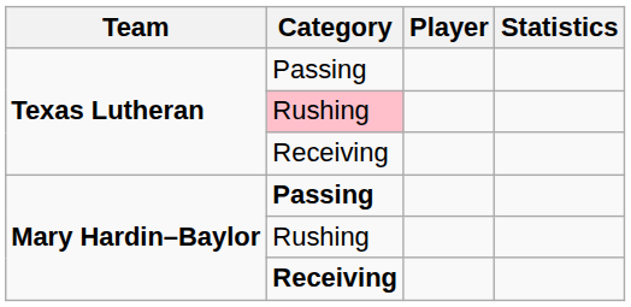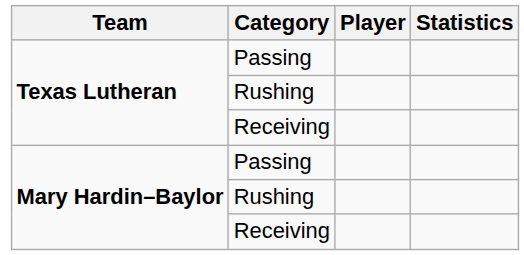 <table class="wikitable" style="float: right;">
 <tr>
 <th>Team</th>
 <th>Category</th>
 <th>Player</th>
 <th>Statistics</th>
 </tr>
 <tr>
 <td rowspan=3><strong>Texas Lutheran</strong></td>
 <td>Passing</td>
 <td></td>
 <td></td>
 </tr>
 <tr>
-<td style="background: pink;">Rushing</td>
+<td>Rushing</td>
 <td></td>
 <td></td>
 </tr>
 <tr>
 <td>Receiving</td>
 <td></td>
 <td></td>
 </tr>
 <tr>
 <td rowspan=3><strong>Mary Hardin–Baylor</strong></td>
-<td><strong>Passing</strong></td>
+<td>Passing</td>
 <td></td>
 <td></td>
 </tr>
 <tr>
 <td>Rushing</td>
 <td></td>
 <td></td>
 </tr>
 <tr>
-<td><strong>Receiving</strong></td>
+<td>Receiving</td>
 <td></td>
 <td></td>
 </tr>
 </table>
